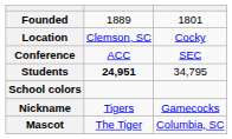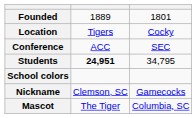 <table class="wikitable" style="float:right; clear:right; margin-left:1em; font-size:88%;">
 <tr>
 <th></th>
 <th><a href='#'></a></th>
 <th><a href='#'></a></th>
 </tr>
 <tr>
 <th scope=row>Founded</th>
 <td align=center>1889</td>
 <td align=center>1801</td>
 </tr>
 <tr>
 <th scope=row>Location</th>
-<td align=center><a href='#'>Clemson, SC</a></td>
+<td align=center><a href='#'>Tigers</a></td>
 <td align=center><a href='#'>Cocky</a></td>
 </tr>
 <tr>
 <th scope=row>Conference</th>
 <td align=center><a href='#'>ACC</a></td>
 <td align=center><a href='#'>SEC</a></td>
 </tr>
 <tr>
 <th scope=row>Students</th>
 <td align=center><strong>24,951</strong></td>
 <td align=center>34,795</td>
 </tr>
 <tr>
 <th scope=row>School colors</th>
 <td align=center> </td>
 <td align=center> </td>
 </tr>
 <tr>
 <th scope=row>Nickname</th>
-<td align=center><a href='#'>Tigers</a></td>
+<td align=center><a href='#'>Clemson, SC</a></td>
 <td align=center><a href='#'>Gamecocks</a></td>
 </tr>
 <tr>
 <th scope=row>Mascot</th>
 <td align=center><a href='#'>The Tiger</a></td>
 <td align=center><a href='#'>Columbia, SC</a></td>
 </tr>
 </table>
